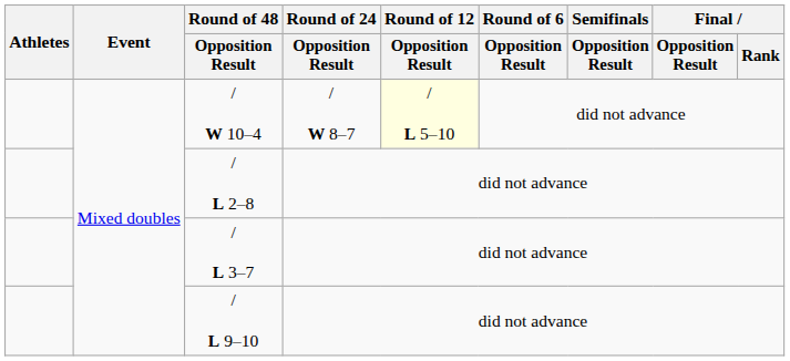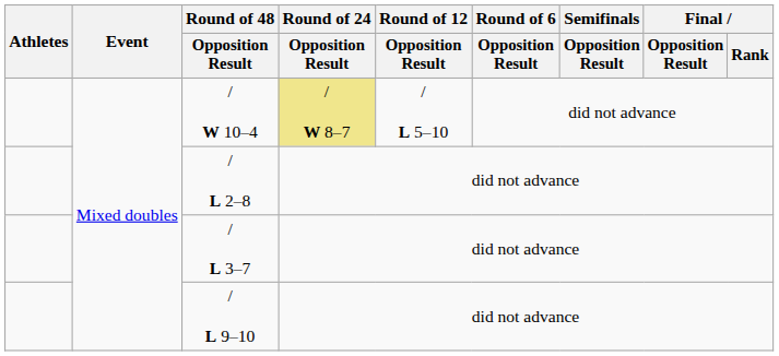 <table class="wikitable" style="font-size:90%; text-align:center;">
 <tr>
 <th rowspan=2>Athletes</th>
 <th rowspan=2>Event</th>
 <th>Round of 48</th>
 <th>Round of 24</th>
 <th>Round of 12</th>
 <th>Round of 6</th>
 <th>Semifinals</th>
 <th colspan=2>Final / </th>
 </tr>
 <tr style="font-size:95%">
 <th>Opposition<br>Result</th>
 <th>Opposition<br>Result</th>
 <th>Opposition<br>Result</th>
 <th>Opposition<br>Result</th>
 <th>Opposition<br>Result</th>
 <th>Opposition<br>Result</th>
 <th>Rank</th>
 </tr>
 <tr>
 <td align=left><br></td>
 <td align=left rowspan=4><a href='#'>Mixed doubles</a></td>
 <td> /<br><br><strong>W</strong> 10–4</td>
-<td> /<br><br><strong>W</strong> 8–7</td>
-<td style="background: lightyellow;"> /<br><br><strong>L</strong> 5–10</td>
+<td style="background: khaki;"> /<br><br><strong>W</strong> 8–7</td>
+<td> /<br><br><strong>L</strong> 5–10</td>
 <td colspan=4>did not advance</td>
 </tr>
 <tr>
 <td align=left><br></td>
 <td> /<br><br><strong>L</strong> 2–8</td>
 <td colspan=6>did not advance</td>
 </tr>
 <tr>
 <td align=left><br></td>
 <td> /<br><br><strong>L</strong> 3–7</td>
 <td colspan=6>did not advance</td>
 </tr>
 <tr>
 <td align=left><br></td>
 <td> /<br><br><strong>L</strong> 9–10</td>
 <td colspan=6>did not advance</td>
 </tr>
 </table>
